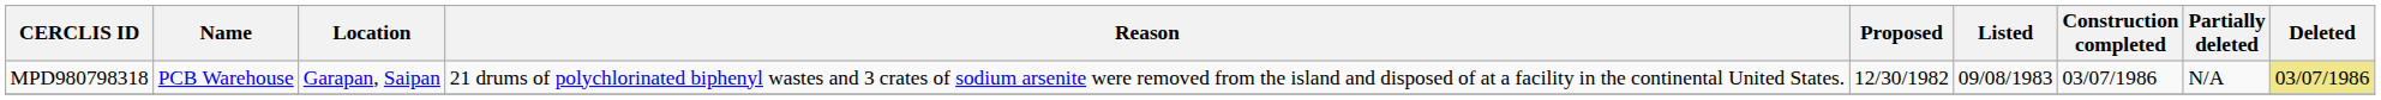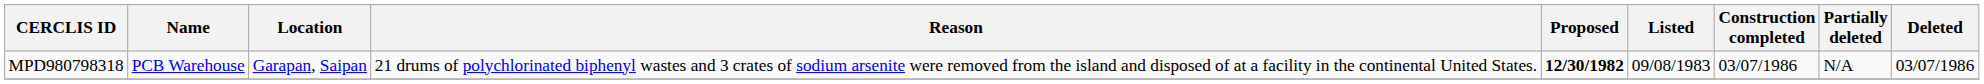 <table class="wikitable sortable">
 <tr>
 <th>CERCLIS ID</th>
 <th>Name</th>
 <th>Location</th>
 <th>Reason</th>
 <th>Proposed</th>
 <th>Listed</th>
 <th>Construction<br>completed</th>
 <th>Partially<br>deleted</th>
 <th>Deleted</th>
 </tr>
 <tr>
 <td>MPD980798318</td>
 <td><a href='#'>PCB Warehouse</a></td>
 <td><a href='#'>Garapan</a>, <a href='#'>Saipan</a></td>
 <td>21 drums of <a href='#'>polychlorinated biphenyl</a> wastes and 3 crates of <a href='#'>sodium arsenite</a> were removed from the island and disposed of at a facility in the continental United States.</td>
-<td>12/30/1982</td>
+<td><strong>12/30/1982</strong></td>
 <td>09/08/1983</td>
 <td>03/07/1986</td>
 <td>N/A</td>
-<td style="background: khaki;">03/07/1986</td>
+<td>03/07/1986</td>
 </tr>
 <tr>
 </tr>
 </table>
